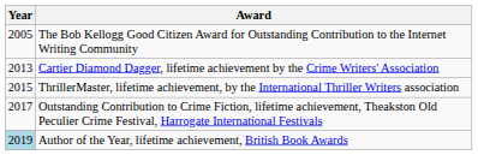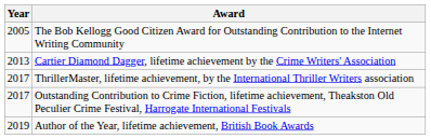 <table class="wikitable sortable" style="border:darkgrey;">
 <tr>
 <th>Year</th>
 <th>Award</th>
 </tr>
 <tr valign="top">
 <td>2005</td>
 <td>The Bob Kellogg Good Citizen Award for Outstanding Contribution to the Internet Writing Community</td>
 </tr>
 <tr valign="top">
 <td>2013</td>
 <td><a href='#'>Cartier Diamond Dagger</a>, lifetime achievement by the <a href='#'>Crime Writers' Association</a></td>
 </tr>
 <tr valign="top">
-<td>2015</td>
+<td>2017</td>
 <td>ThrillerMaster, lifetime achievement, by the <a href='#'>International Thriller Writers</a> association</td>
 </tr>
 <tr valign="top">
 <td>2017</td>
 <td>Outstanding Contribution to Crime Fiction, lifetime achievement, Theakston Old Peculier Crime Festival, <a href='#'>Harrogate International Festivals</a></td>
 </tr>
 <tr valign="top">
-<td style="background: lightblue;">2019</td>
+<td>2019</td>
 <td>Author of the Year, lifetime achievement, <a href='#'>British Book Awards</a></td>
 </tr>
 </table>
